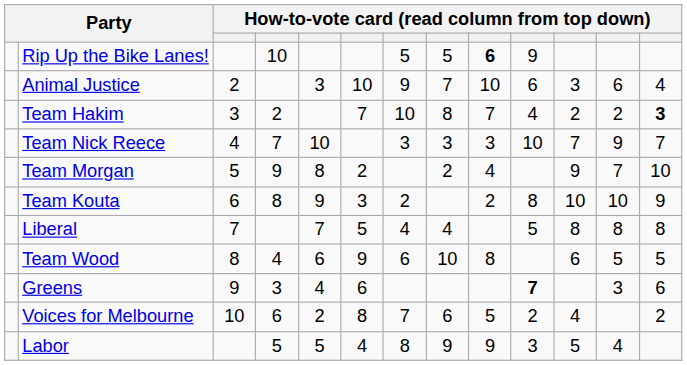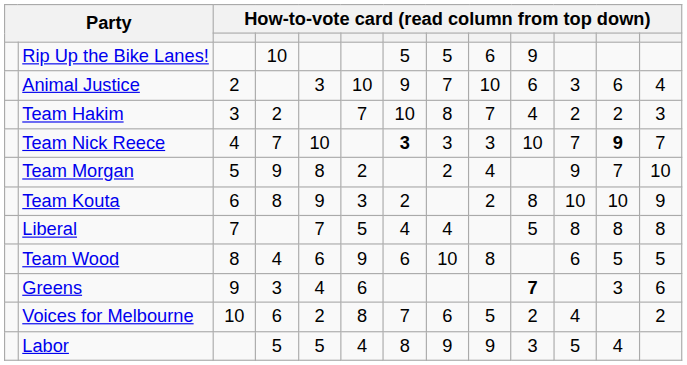 <table class="nowrap wikitable tpl-blanktable" style=text-align:center>
 <tr>
 <th colspan=2; rowspan="2">Party</th>
 <th colspan="11">How-to-vote card (read column from top down)</th>
 </tr>
 <tr>
 <th width=30px; style=background:></th>
 <th width=30px; style=background:></th>
 <th width=30px; style=background:></th>
 <th width=30px; style=background:></th>
 <th width=30px; style=background:></th>
 <th width=30px; style=background:></th>
 <th width=30px; style=background:></th>
 <th width=30px; style=background:></th>
 <th width=30px; style=background:></th>
 <th width=30px; style=background:></th>
 <th width=30px; style=background:></th>
 </tr>
 <tr>
 <td> </td>
 <td align=left><a href='#'>Rip Up the Bike Lanes!</a></td>
 <td></td>
 <td>10</td>
 <td></td>
 <td></td>
 <td>5</td>
 <td>5</td>
-<td><strong>6</strong></td>
+<td>6</td>
 <td>9</td>
 <td></td>
 <td></td>
 <td></td>
 </tr>
 <tr>
 <td> </td>
 <td align=left><a href='#'>Animal Justice</a></td>
 <td>2</td>
 <td></td>
 <td>3</td>
 <td>10</td>
 <td>9</td>
 <td>7</td>
 <td>10</td>
 <td>6</td>
 <td>3</td>
 <td>6</td>
 <td>4</td>
 </tr>
 <tr>
 <td> </td>
 <td align=left><a href='#'>Team Hakim</a></td>
 <td>3</td>
 <td>2</td>
 <td></td>
 <td>7</td>
 <td>10</td>
 <td>8</td>
 <td>7</td>
 <td>4</td>
 <td>2</td>
 <td>2</td>
-<td><strong>3</strong></td>
+<td>3</td>
 </tr>
 <tr>
 <td> </td>
 <td align=left><a href='#'>Team Nick Reece</a></td>
 <td>4</td>
 <td>7</td>
 <td>10</td>
 <td></td>
-<td>3</td>
+<td><strong>3</strong></td>
 <td>3</td>
 <td>3</td>
 <td>10</td>
 <td>7</td>
-<td>9</td>
+<td><strong>9</strong></td>
 <td>7</td>
 </tr>
 <tr>
 <td> </td>
 <td align=left><a href='#'>Team Morgan</a></td>
 <td>5</td>
 <td>9</td>
 <td>8</td>
 <td>2</td>
 <td></td>
 <td>2</td>
 <td>4</td>
 <td></td>
 <td>9</td>
 <td>7</td>
 <td>10</td>
 </tr>
 <tr>
 <td> </td>
 <td align=left><a href='#'>Team Kouta</a></td>
 <td>6</td>
 <td>8</td>
 <td>9</td>
 <td>3</td>
 <td>2</td>
 <td></td>
 <td>2</td>
 <td>8</td>
 <td>10</td>
 <td>10</td>
 <td>9</td>
 </tr>
 <tr>
 <td> </td>
 <td align=left><a href='#'>Liberal</a></td>
 <td>7</td>
 <td></td>
 <td>7</td>
 <td>5</td>
 <td>4</td>
 <td>4</td>
 <td></td>
 <td>5</td>
 <td>8</td>
 <td>8</td>
 <td>8</td>
 </tr>
 <tr>
 <td> </td>
 <td align=left><a href='#'>Team Wood</a></td>
 <td>8</td>
 <td>4</td>
 <td>6</td>
 <td>9</td>
 <td>6</td>
 <td>10</td>
 <td>8</td>
 <td></td>
 <td>6</td>
 <td>5</td>
 <td>5</td>
 </tr>
 <tr>
 <td> </td>
 <td align=left><a href='#'>Greens</a></td>
 <td>9</td>
 <td>3</td>
 <td>4</td>
 <td>6</td>
 <td></td>
 <td></td>
 <td></td>
 <td><strong>7</strong></td>
 <td></td>
 <td>3</td>
 <td>6</td>
 </tr>
 <tr>
 <td> </td>
 <td align=left><a href='#'>Voices for Melbourne</a></td>
 <td>10</td>
 <td>6</td>
 <td>2</td>
 <td>8</td>
 <td>7</td>
 <td>6</td>
 <td>5</td>
 <td>2</td>
 <td>4</td>
 <td></td>
 <td>2</td>
 </tr>
 <tr>
 <td> </td>
 <td align=left><a href='#'>Labor</a></td>
 <td></td>
 <td>5</td>
 <td>5</td>
 <td>4</td>
 <td>8</td>
 <td>9</td>
 <td>9</td>
 <td>3</td>
 <td>5</td>
 <td>4</td>
 <td></td>
 </tr>
 </table>
